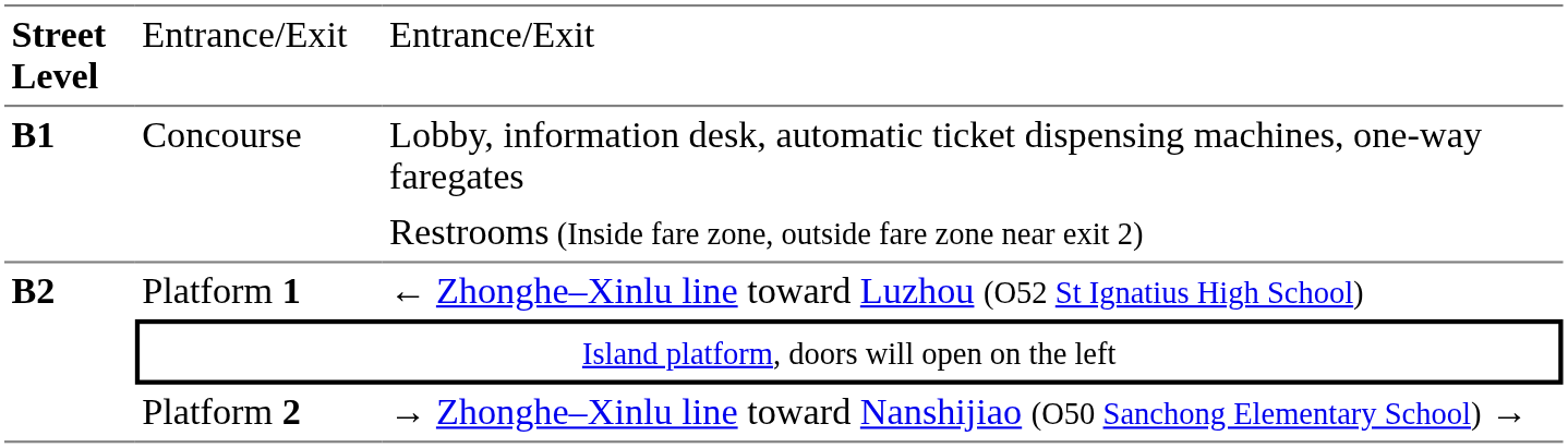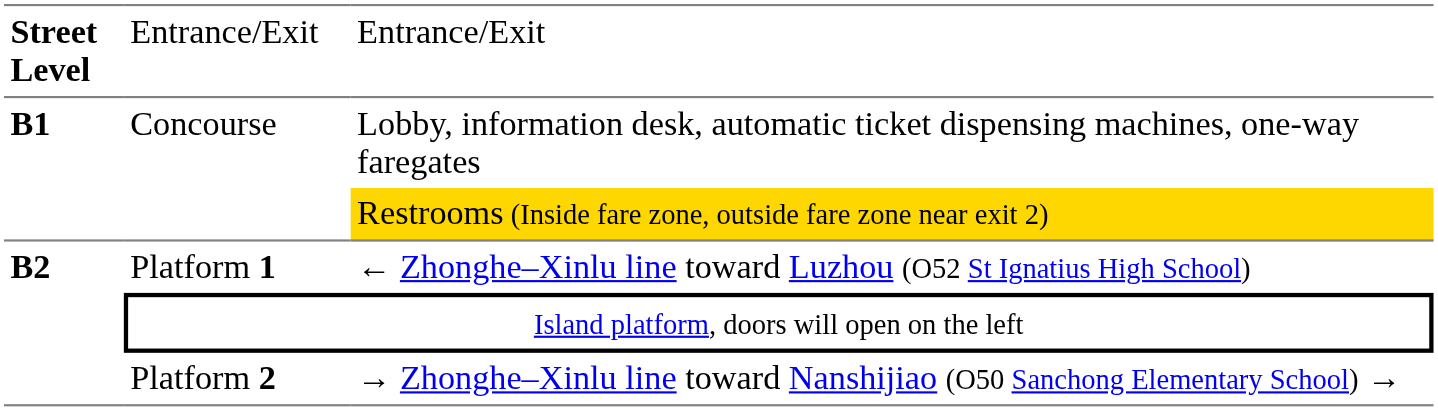 <table table border=0 cellspacing=0 cellpadding=3>
 <tr>
 <td style="border-bottom:solid 1px gray;border-top:solid 1px gray;" width=50 valign=top><strong>Street Level</strong></td>
 <td style="border-top:solid 1px gray;border-bottom:solid 1px gray;" width=100 valign=top>Entrance/Exit</td>
 <td style="border-top:solid 1px gray;border-bottom:solid 1px gray;" width=500 valign=top>Entrance/Exit</td>
 </tr>
 <tr>
 <td style="border-bottom:solid 1px gray;" rowspan=2 valign=top><strong>B1</strong></td>
 <td style="border-bottom:solid 1px gray;" rowspan=2 valign=top>Concourse</td>
 <td width=500>Lobby, information desk, automatic ticket dispensing machines, one-way faregates</td>
 </tr>
 <tr>
-<td style="border-bottom:solid 1px gray;">Restrooms<small> (Inside fare zone, outside fare zone near exit 2)</small></td>
+<td style="background: gold; border-bottom:solid 1px gray;">Restrooms<small> (Inside fare zone, outside fare zone near exit 2)</small></td>
 </tr>
 <tr>
 <td style="border-bottom:solid 1px gray;" rowspan=3 valign=top><strong>B2</strong></td>
 <td>Platform <span><strong>1</strong></span></td>
 <td>←  <a href='#'>Zhonghe–Xinlu line</a> toward <a href='#'>Luzhou</a> <small>(O52 <a href='#'>St Ignatius High School</a>)</small></td>
 </tr>
 <tr>
 <td style="border-top:solid 2px black;border-right:solid 2px black;border-left:solid 2px black;border-bottom:solid 2px black;text-align:center;" colspan=2><small><a href='#'>Island platform</a>, doors will open on the left</small></td>
 </tr>
 <tr>
 <td style="border-bottom:solid 1px gray;">Platform <span><strong>2</strong></span></td>
 <td style="border-bottom:solid 1px gray;"><span>→</span>  <a href='#'>Zhonghe–Xinlu line</a> toward <a href='#'>Nanshijiao</a> <small>(O50 <a href='#'>Sanchong Elementary School</a>)</small> →</td>
 </tr>
 </table>
